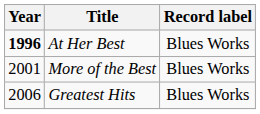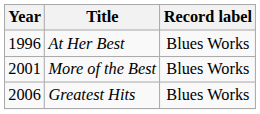 <table class="wikitable sortable">
 <tr>
 <th>Year</th>
 <th>Title</th>
 <th>Record label</th>
 </tr>
 <tr>
-<td><strong>1996</strong></td>
+<td>1996</td>
 <td><em>At Her Best</em></td>
 <td style="text-align:center;">Blues Works</td>
 </tr>
 <tr>
 <td>2001</td>
 <td><em>More of the Best</em></td>
 <td style="text-align:center;">Blues Works</td>
 </tr>
 <tr>
 <td>2006</td>
 <td><em>Greatest Hits</em></td>
 <td style="text-align:center;">Blues Works</td>
 </tr>
 <tr>
 </tr>
 </table>
